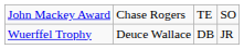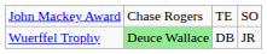 <table class="wikitable">
 <tr>
 <td><a href='#'>John Mackey Award</a></td>
 <td>Chase Rogers</td>
 <td>TE</td>
 <td>SO</td>
 </tr>
 <tr>
 <td><a href='#'>Wuerffel Trophy</a></td>
-<td>Deuce Wallace</td>
+<td style="background: lightgreen;">Deuce Wallace</td>
 <td>DB</td>
 <td>JR</td>
 </tr>
 </table>
